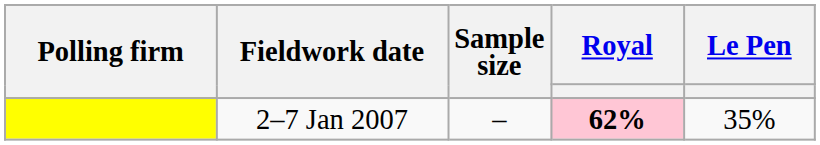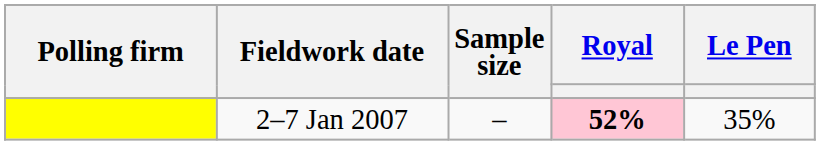 <table class="wikitable sortable" style="text-align:center;font-size:90%;line-height:14px;">
 <tr style="height:40px;">
 <th style="width:100px;" rowspan="2">Polling firm</th>
 <th style="width:110px;" rowspan="2">Fieldwork date</th>
 <th style="width:35px;" rowspan="2">Sample<br>size</th>
 <th class="unsortable" style="width:60px;"><a href='#'>Royal</a><br></th>
 <th class="unsortable" style="width:60px;"><a href='#'>Le Pen</a><br></th>
 </tr>
 <tr>
 <th style="background:"></th>
 <th style="background:"></th>
 </tr>
 <tr>
 <td style="background:yellow;"></td>
 <td data-sort-value="2007-01-07">2–7 Jan 2007</td>
 <td>–</td>
-<td style="background:#FFC6D5;"><strong>62%</strong></td>
+<td style="background:#FFC6D5;"><strong>52%</strong></td>
 <td>35%</td>
 </tr>
 </table>
